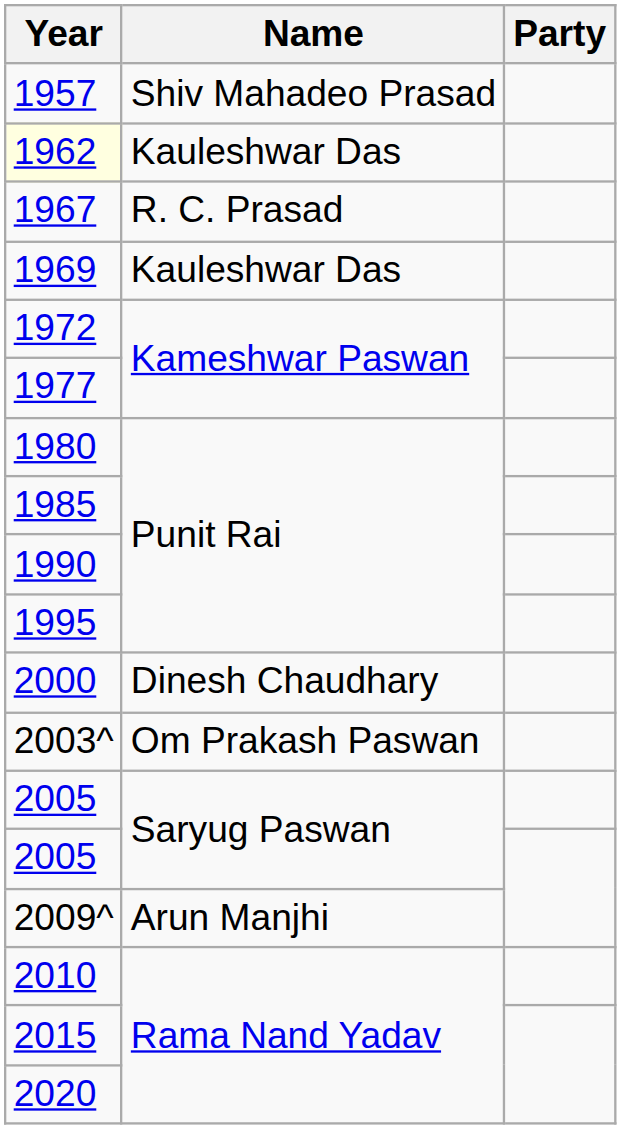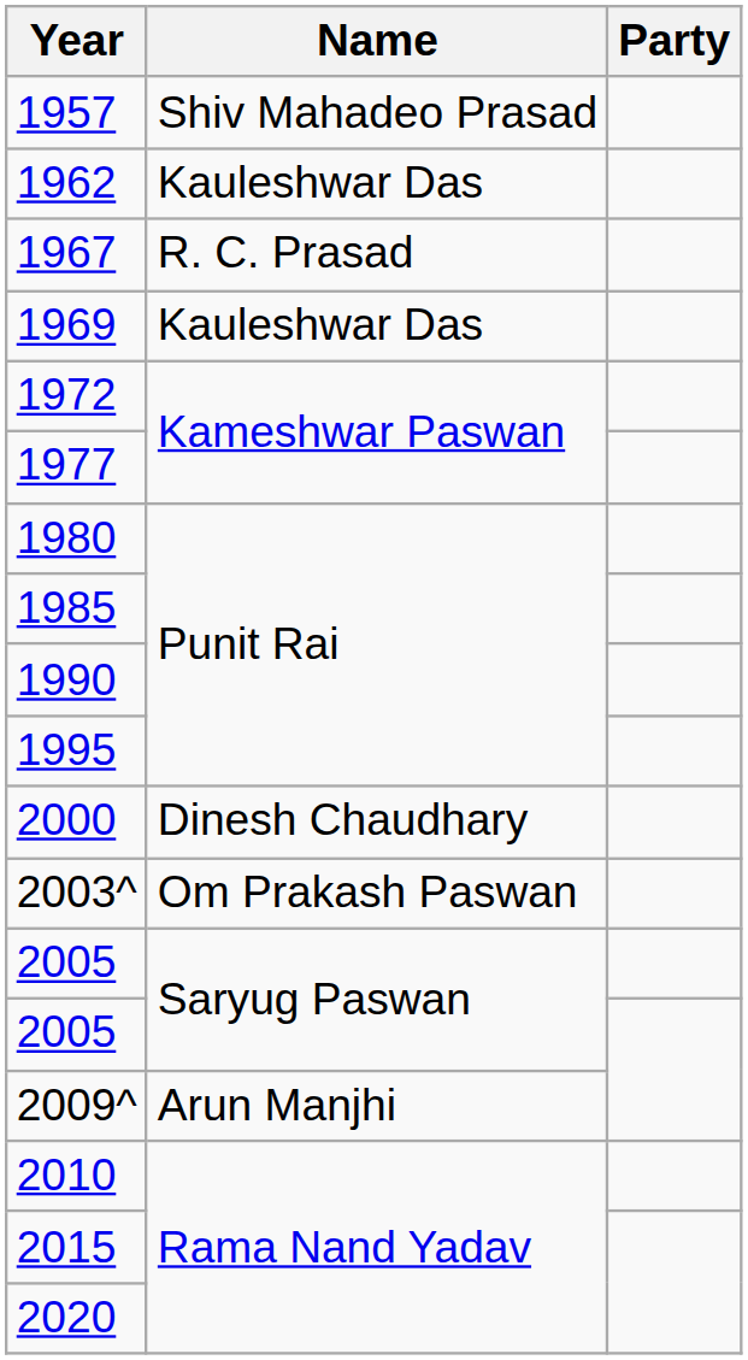 <table class="wikitable sortable">
 <tr>
 <th>Year</th>
 <th>Name</th>
 <th colspan="2">Party</th>
 </tr>
 <tr>
 <td><a href='#'>1957</a></td>
 <td>Shiv Mahadeo Prasad</td>
 <td></td>
 </tr>
 <tr>
-<td style="background: lightyellow;"><a href='#'>1962</a></td>
+<td><a href='#'>1962</a></td>
 <td>Kauleshwar Das</td>
 <td></td>
 </tr>
 <tr>
 <td><a href='#'>1967</a></td>
 <td>R. C. Prasad</td>
 <td></td>
 </tr>
 <tr>
 <td><a href='#'>1969</a></td>
 <td>Kauleshwar Das</td>
 <td></td>
 </tr>
 <tr>
 <td><a href='#'>1972</a></td>
 <td rowspan="2"><a href='#'>Kameshwar Paswan</a></td>
 <td></td>
 </tr>
 <tr>
 <td><a href='#'>1977</a></td>
 <td></td>
 </tr>
 <tr>
 <td><a href='#'>1980</a></td>
 <td rowspan="4">Punit Rai</td>
 <td></td>
 </tr>
 <tr>
 <td><a href='#'>1985</a></td>
 <td></td>
 </tr>
 <tr>
 <td><a href='#'>1990</a></td>
 <td></td>
 </tr>
 <tr>
 <td><a href='#'>1995</a></td>
 </tr>
 <tr>
 <td><a href='#'>2000</a></td>
 <td>Dinesh Chaudhary</td>
 <td></td>
 </tr>
 <tr>
 <td>2003^</td>
 <td>Om Prakash Paswan</td>
 </tr>
 <tr>
 <td><a href='#'>2005</a></td>
 <td rowspan="2">Saryug Paswan</td>
 <td></td>
 </tr>
 <tr>
 <td><a href='#'>2005</a></td>
 </tr>
 <tr>
 <td>2009^</td>
 <td>Arun Manjhi</td>
 </tr>
 <tr>
 <td><a href='#'>2010</a></td>
 <td rowspan="3"><a href='#'>Rama Nand Yadav</a></td>
 <td></td>
 </tr>
 <tr>
 <td><a href='#'>2015</a></td>
 </tr>
 <tr>
 <td><a href='#'>2020</a></td>
 </tr>
 </table>
